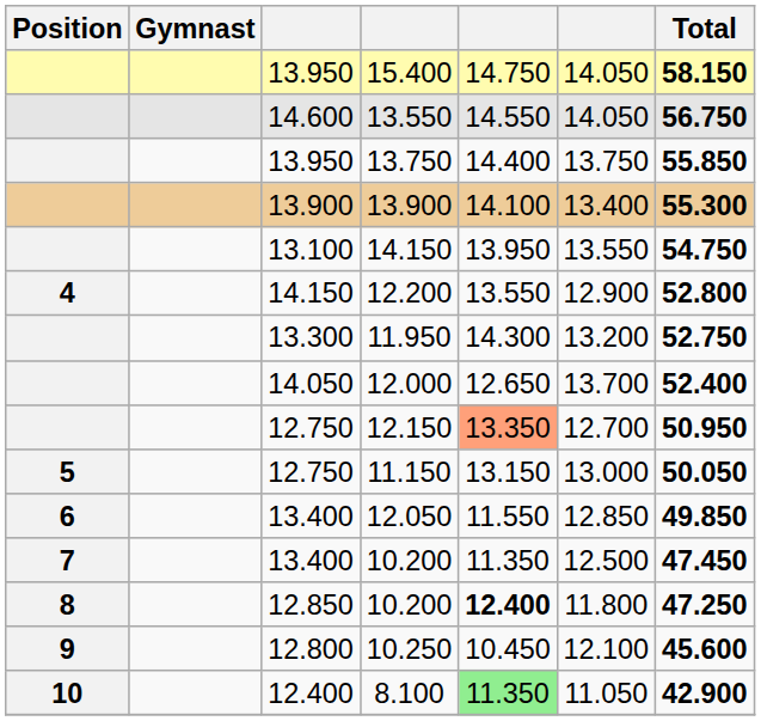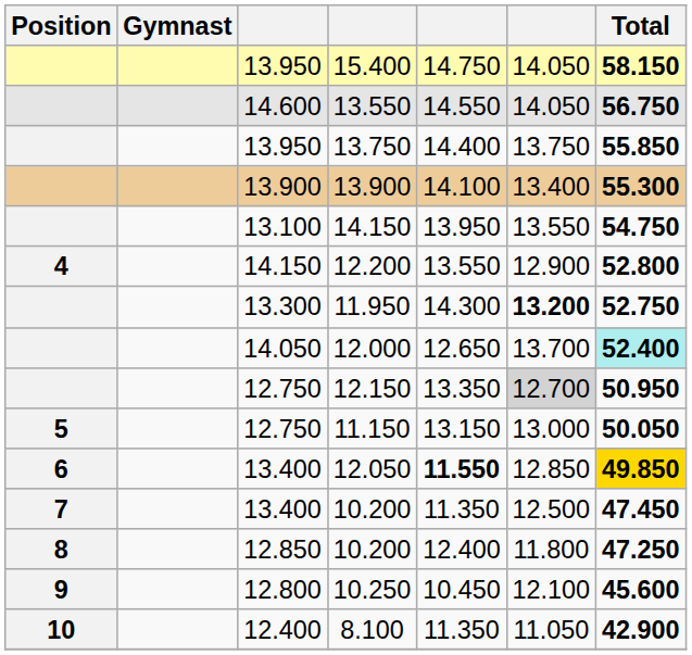 <table class="wikitable sortable" style="text-align:center; font-size:95%">
 <tr>
 <th>Position</th>
 <th>Gymnast</th>
 <th></th>
 <th></th>
 <th></th>
 <th></th>
 <th>Total</th>
 </tr>
 <tr bgcolor=fffcaf>
 <td></td>
 <td align=left></td>
 <td>13.950</td>
 <td>15.400</td>
 <td>14.750</td>
 <td>14.050</td>
 <td><strong>58.150</strong></td>
 </tr>
 <tr bgcolor=e5e5e5>
 <td></td>
 <td align=left></td>
 <td>14.600</td>
 <td>13.550</td>
 <td>14.550</td>
 <td>14.050</td>
 <td><strong>56.750</strong></td>
 </tr>
 <tr>
 <th></th>
 <td align=left></td>
 <td>13.950</td>
 <td>13.750</td>
 <td>14.400</td>
 <td>13.750</td>
 <td><strong>55.850</strong></td>
 </tr>
 <tr bgcolor=eecc99>
 <td></td>
 <td align=left></td>
 <td>13.900</td>
 <td>13.900</td>
 <td>14.100</td>
 <td>13.400</td>
 <td><strong>55.300</strong></td>
 </tr>
 <tr>
 <th></th>
 <td align=left></td>
 <td>13.100</td>
 <td>14.150</td>
 <td>13.950</td>
 <td>13.550</td>
 <td><strong>54.750</strong></td>
 </tr>
 <tr>
 <th><strong>4</strong></th>
 <td align=left></td>
 <td>14.150</td>
 <td>12.200</td>
 <td>13.550</td>
 <td>12.900</td>
 <td><strong>52.800</strong></td>
 </tr>
 <tr>
 <th></th>
 <td align=left></td>
 <td>13.300</td>
 <td>11.950</td>
 <td>14.300</td>
-<td>13.200</td>
+<td><strong>13.200</strong></td>
 <td><strong>52.750</strong></td>
 </tr>
 <tr>
 <th></th>
 <td align=left></td>
 <td>14.050</td>
 <td>12.000</td>
 <td>12.650</td>
 <td>13.700</td>
-<td><strong>52.400</strong></td>
+<td style="background: paleturquoise;"><strong>52.400</strong></td>
 </tr>
 <tr>
 <th></th>
 <td align=left></td>
 <td>12.750</td>
 <td>12.150</td>
-<td style="background: lightsalmon;">13.350</td>
-<td>12.700</td>
+<td>13.350</td>
+<td style="background: lightgrey;">12.700</td>
 <td><strong>50.950</strong></td>
 </tr>
 <tr>
 <th><strong>5</strong></th>
 <td align=left></td>
 <td>12.750</td>
 <td>11.150</td>
 <td>13.150</td>
 <td>13.000</td>
 <td><strong>50.050</strong></td>
 </tr>
 <tr>
 <th><strong>6</strong></th>
 <td align=left></td>
 <td>13.400</td>
 <td>12.050</td>
-<td>11.550</td>
+<td><strong>11.550</strong></td>
 <td>12.850</td>
-<td><strong>49.850</strong></td>
+<td style="background: gold;"><strong>49.850</strong></td>
 </tr>
 <tr>
 <th><strong>7</strong></th>
 <td align=left></td>
 <td>13.400</td>
 <td>10.200</td>
 <td>11.350</td>
 <td>12.500</td>
 <td><strong>47.450</strong></td>
 </tr>
 <tr>
 <th><strong>8</strong></th>
 <td align=left></td>
 <td>12.850</td>
 <td>10.200</td>
-<td><strong>12.400</strong></td>
+<td>12.400</td>
 <td>11.800</td>
 <td><strong>47.250</strong></td>
 </tr>
 <tr>
 <th><strong>9</strong></th>
 <td align=left></td>
 <td>12.800</td>
 <td>10.250</td>
 <td>10.450</td>
 <td>12.100</td>
 <td><strong>45.600</strong></td>
 </tr>
 <tr>
 <th><strong>10</strong></th>
 <td align=left></td>
 <td>12.400</td>
 <td>8.100</td>
-<td style="background: lightgreen;">11.350</td>
+<td>11.350</td>
 <td>11.050</td>
 <td><strong>42.900</strong></td>
 </tr>
 <tr>
 </tr>
 </table>
